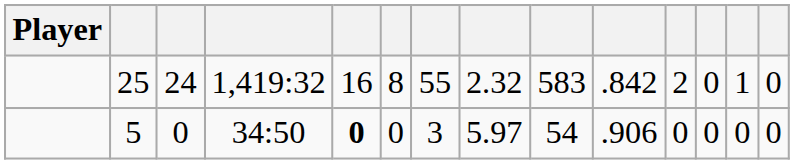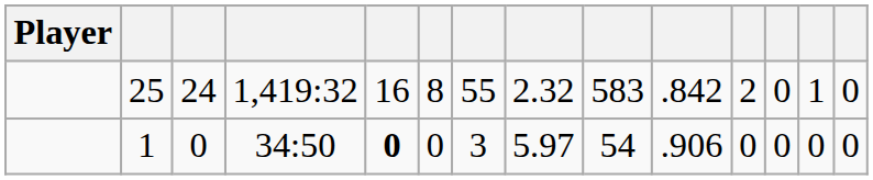 <table class="wikitable sortable" style="text-align:center;">
 <tr>
 <th>Player</th>
 <th></th>
 <th></th>
 <th></th>
 <th></th>
 <th></th>
 <th></th>
 <th></th>
 <th></th>
 <th></th>
 <th></th>
 <th></th>
 <th></th>
 <th></th>
 </tr>
 <tr>
 <td></td>
 <td>25</td>
 <td>24</td>
 <td>1,419:32</td>
 <td>16</td>
 <td>8</td>
 <td>55</td>
 <td>2.32</td>
 <td>583</td>
 <td>.842</td>
 <td>2</td>
 <td>0</td>
 <td>1</td>
 <td>0</td>
 </tr>
 <tr>
 <td></td>
-<td>5</td>
+<td>1</td>
 <td>0</td>
 <td>34:50</td>
 <td><strong>0</strong></td>
 <td>0</td>
 <td>3</td>
 <td>5.97</td>
 <td>54</td>
 <td>.906</td>
 <td>0</td>
 <td>0</td>
 <td>0</td>
 <td>0</td>
 </tr>
 </table>
